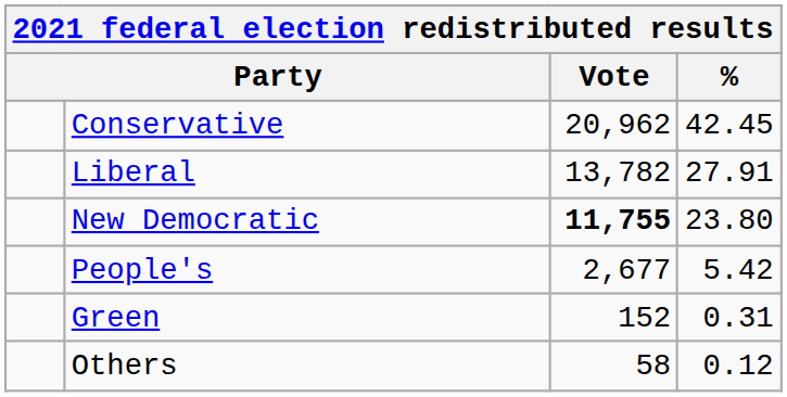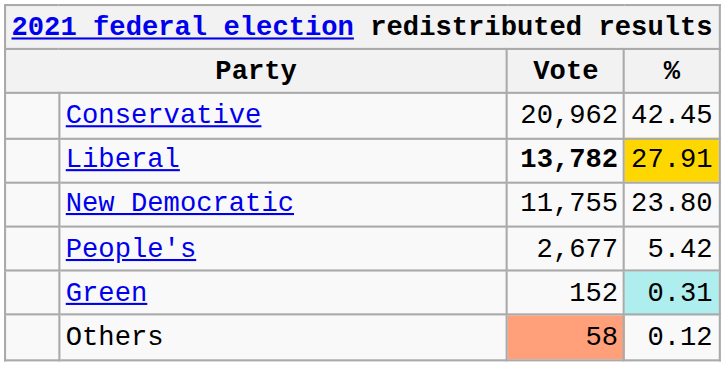 <table class="wikitable">
 <tr>
 <th colspan="4"><a href='#'>2021 federal election</a> redistributed results</th>
 </tr>
 <tr>
 <th bgcolor="#DDDDFF" width="130px" colspan="2">Party</th>
 <th bgcolor="#DDDDFF" width="50px">Vote</th>
 <th bgcolor="#DDDDFF" width="30px">%</th>
 </tr>
 <tr>
 <td> </td>
 <td><a href='#'>Conservative</a></td>
 <td align=right>20,962</td>
 <td align=right>42.45</td>
 </tr>
 <tr>
 <td> </td>
 <td><a href='#'>Liberal</a></td>
-<td align=right>13,782</td>
-<td align=right>27.91</td>
+<td align=right><strong>13,782</strong></td>
+<td align=right style="background: gold;">27.91</td>
 </tr>
 <tr>
 <td> </td>
 <td><a href='#'>New Democratic</a></td>
-<td align=right><strong>11,755</strong></td>
+<td align=right>11,755</td>
 <td align=right>23.80</td>
 </tr>
 <tr>
 <td> </td>
 <td><a href='#'>People's</a></td>
 <td align=right>2,677</td>
 <td align=right>5.42</td>
 </tr>
 <tr>
 <td> </td>
 <td><a href='#'>Green</a></td>
 <td align=right>152</td>
-<td align=right>0.31</td>
+<td align=right style="background: paleturquoise;">0.31</td>
 </tr>
 <tr>
 <td> </td>
 <td>Others</td>
-<td align=right>58</td>
+<td align=right style="background: lightsalmon;">58</td>
 <td align=right>0.12</td>
 </tr>
 </table>
